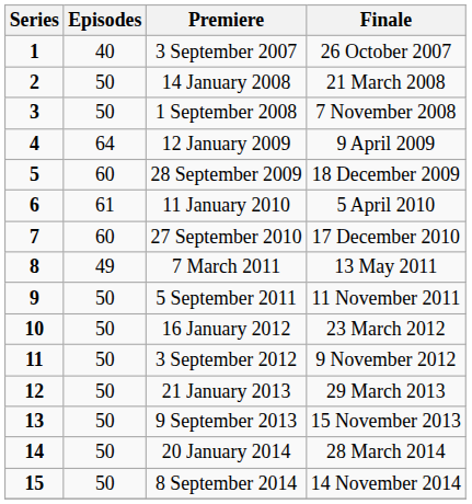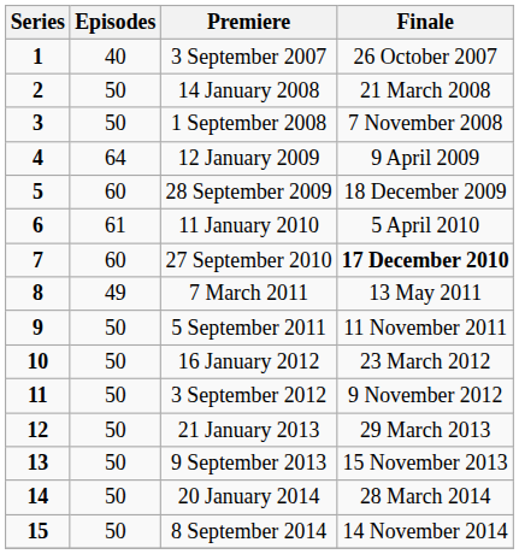 <table class="wikitable" style="text-align:center;">
 <tr>
 <th>Series</th>
 <th>Episodes</th>
 <th>Premiere</th>
 <th>Finale</th>
 </tr>
 <tr>
 <td><strong>1</strong></td>
 <td>40</td>
 <td>3 September 2007</td>
 <td>26 October 2007</td>
 </tr>
 <tr>
 <td><strong>2</strong></td>
 <td>50</td>
 <td>14 January 2008</td>
 <td>21 March 2008</td>
 </tr>
 <tr>
 <td><strong>3</strong></td>
 <td>50</td>
 <td>1 September 2008</td>
 <td>7 November 2008</td>
 </tr>
 <tr>
 <td><strong>4</strong></td>
 <td>64</td>
 <td>12 January 2009</td>
 <td>9 April 2009</td>
 </tr>
 <tr>
 <td><strong>5</strong></td>
 <td>60</td>
 <td>28 September 2009</td>
 <td>18 December 2009</td>
 </tr>
 <tr>
 <td><strong>6</strong></td>
 <td>61</td>
 <td>11 January 2010</td>
 <td>5 April 2010</td>
 </tr>
 <tr>
 <td><strong>7</strong></td>
 <td>60</td>
 <td>27 September 2010</td>
-<td>17 December 2010</td>
+<td><strong>17 December 2010</strong></td>
 </tr>
 <tr>
 <td><strong>8</strong></td>
 <td>49</td>
 <td>7 March 2011</td>
 <td>13 May 2011</td>
 </tr>
 <tr>
 <td><strong>9</strong></td>
 <td>50</td>
 <td>5 September 2011</td>
 <td>11 November 2011</td>
 </tr>
 <tr>
 <td><strong>10</strong></td>
 <td>50</td>
 <td>16 January 2012</td>
 <td>23 March 2012</td>
 </tr>
 <tr>
 <td><strong>11</strong></td>
 <td>50</td>
 <td>3 September 2012</td>
 <td>9 November 2012</td>
 </tr>
 <tr>
 <td><strong>12</strong></td>
 <td>50</td>
 <td>21 January 2013</td>
 <td>29 March 2013</td>
 </tr>
 <tr>
 <td><strong>13</strong></td>
 <td>50</td>
 <td>9 September 2013</td>
 <td>15 November 2013</td>
 </tr>
 <tr>
 <td><strong>14</strong></td>
 <td>50</td>
 <td>20 January 2014</td>
 <td>28 March 2014</td>
 </tr>
 <tr>
 <td><strong>15</strong></td>
 <td>50</td>
 <td>8 September 2014</td>
 <td>14 November 2014</td>
 </tr>
 <tr>
 </tr>
 </table>
